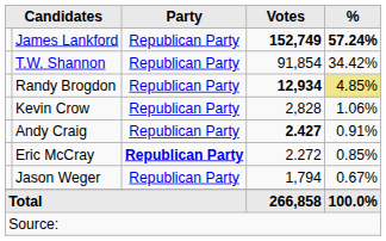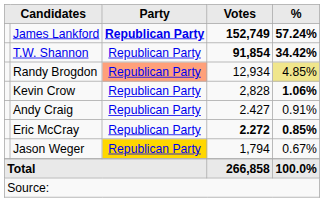 <table class=wikitable style="font-size:95%; text-align:right;">
 <tr>
 <th style="background:#e9e9e9; text-align:center;" colspan="2">Candidates</th>
 <th style="background:#e9e9e9; text-align:center;">Party</th>
 <th style="background:#e9e9e9; text-align:center;">Votes</th>
 <th style="background:#e9e9e9; text-align:center;">%</th>
 </tr>
 <tr>
 <td></td>
 <td align=left><a href='#'>James Lankford</a></td>
-<td align=center><a href='#'>Republican Party</a></td>
+<td align=center><strong><a href='#'>Republican Party</a></strong></td>
 <td><strong>152,749</strong></td>
 <td><strong>57.24%</strong></td>
 </tr>
 <tr>
 <td></td>
 <td align=left><a href='#'>T.W. Shannon</a></td>
 <td align=center><a href='#'>Republican Party</a></td>
-<td>91,854</td>
-<td>34.42%</td>
+<td><strong>91,854</strong></td>
+<td><strong>34.42%</strong></td>
 </tr>
 <tr>
 <td></td>
 <td align=left>Randy Brogdon</td>
-<td align=center><a href='#'>Republican Party</a></td>
-<td><strong>12,934</strong></td>
+<td align=center style="background: lightsalmon;"><a href='#'>Republican Party</a></td>
+<td>12,934</td>
 <td style="background: khaki;">4.85%</td>
 </tr>
 <tr>
 <td></td>
 <td align=left>Kevin Crow</td>
 <td align=center><a href='#'>Republican Party</a></td>
 <td>2,828</td>
-<td>1.06%</td>
+<td><strong>1.06%</strong></td>
 </tr>
 <tr>
 <td></td>
 <td align=left>Andy Craig</td>
 <td align=center><a href='#'>Republican Party</a></td>
-<td><strong>2.427</strong></td>
+<td>2.427</td>
 <td>0.91%</td>
 </tr>
 <tr>
 <td></td>
 <td align=left>Eric McCray</td>
-<td align=center><strong><a href='#'>Republican Party</a></strong></td>
-<td>2.272</td>
-<td>0.85%</td>
+<td align=center><a href='#'>Republican Party</a></td>
+<td><strong>2.272</strong></td>
+<td><strong>0.85%</strong></td>
 </tr>
 <tr>
 <td></td>
 <td align=left>Jason Weger</td>
-<td align=center><a href='#'>Republican Party</a></td>
+<td align=center style="background: gold;"><a href='#'>Republican Party</a></td>
 <td>1,794</td>
 <td>0.67%</td>
 </tr>
 <tr>
 </tr>
 <tr style="background:#e9e9e9;">
 <td colspan="3" style="text-align:left; "><strong>Total</strong></td>
 <td style="text-align:right; width:75px; "><strong>266,858</strong></td>
 <td style="text-align:right; width:30px; "><strong>100.0%</strong></td>
 </tr>
 <tr>
 <td style="text-align:left;" colspan="6">Source: </td>
 </tr>
 </table>
